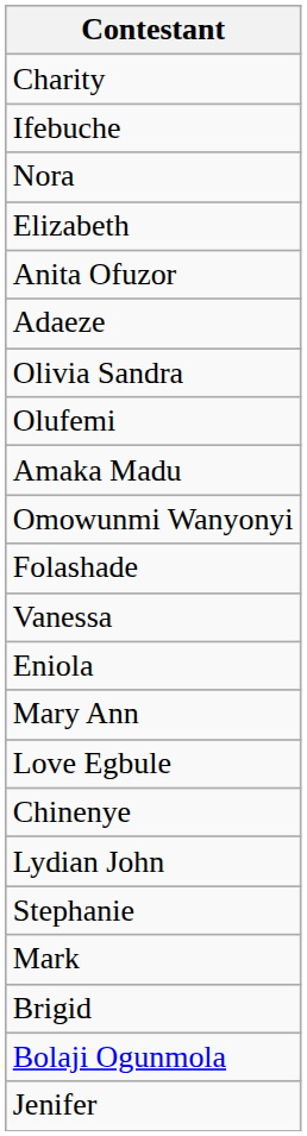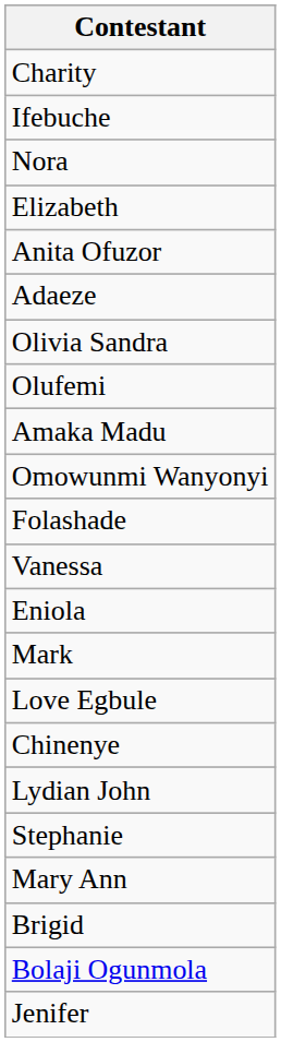 <table class="wikitable">
 <tr>
 <th>Contestant</th>
 </tr>
 <tr>
 <td>Charity</td>
 </tr>
 <tr>
 <td>Ifebuche</td>
 </tr>
 <tr>
 <td>Nora</td>
 </tr>
 <tr>
 <td>Elizabeth</td>
 </tr>
 <tr>
 <td>Anita Ofuzor</td>
 </tr>
 <tr>
 <td>Adaeze</td>
 </tr>
 <tr>
 <td>Olivia Sandra</td>
 </tr>
 <tr>
 <td>Olufemi</td>
 </tr>
 <tr>
 <td>Amaka Madu</td>
 </tr>
 <tr>
 <td>Omowunmi Wanyonyi</td>
 </tr>
 <tr>
 <td>Folashade </td>
 </tr>
 <tr>
 <td>Vanessa</td>
 </tr>
 <tr>
 <td>Eniola</td>
 </tr>
 <tr>
-<td>Mary Ann</td>
+<td>Mark</td>
 </tr>
 <tr>
 <td>Love Egbule</td>
 </tr>
 <tr>
 <td>Chinenye</td>
 </tr>
 <tr>
 <td>Lydian John</td>
 </tr>
 <tr>
 <td>Stephanie</td>
 </tr>
 <tr>
-<td>Mark</td>
+<td>Mary Ann</td>
 </tr>
 <tr>
 <td>Brigid</td>
 </tr>
 <tr>
 <td><a href='#'>Bolaji Ogunmola</a></td>
 </tr>
 <tr>
 <td>Jenifer</td>
 </tr>
 </table>
